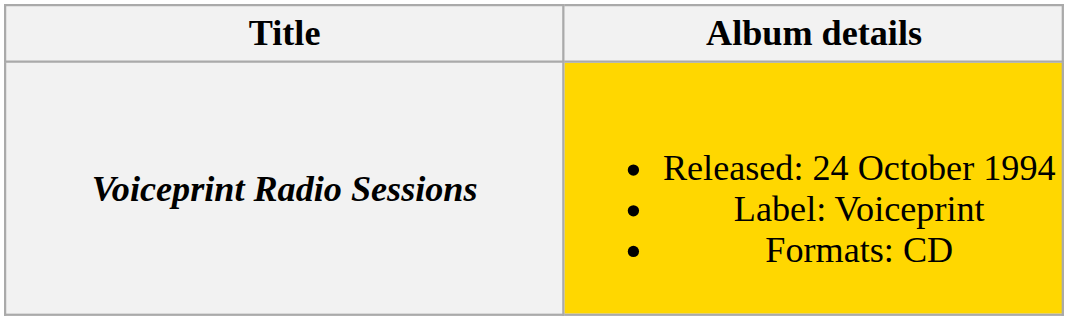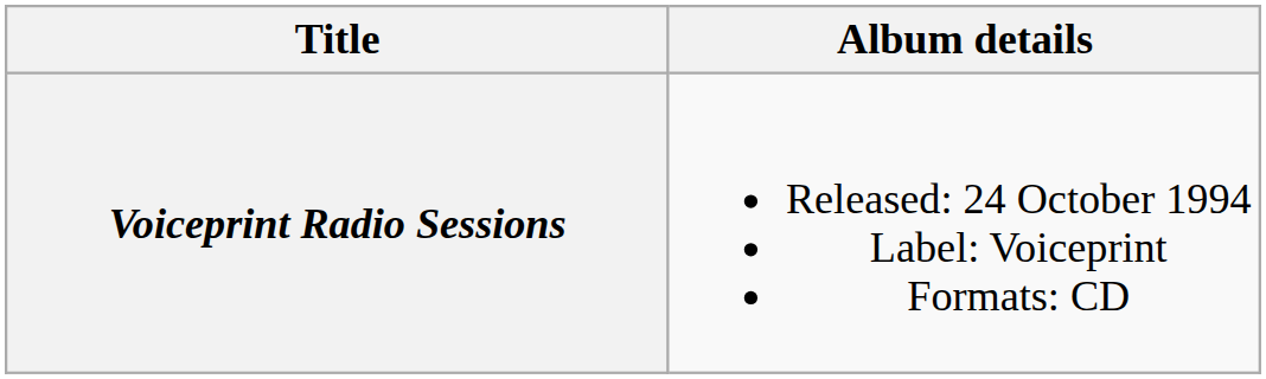 <table class="wikitable plainrowheaders" style="text-align:center;">
 <tr>
 <th scope="col" style="width:15em;">Title</th>
 <th scope="col">Album details</th>
 </tr>
 <tr>
 <th scope="row"><em>Voiceprint Radio Sessions</em></th>
-<td style="background: gold;"><br><ul><li>Released: 24 October 1994</li><li>Label: Voiceprint</li><li>Formats: CD</li></ul></td>
+<td><br><ul><li>Released: 24 October 1994</li><li>Label: Voiceprint</li><li>Formats: CD</li></ul></td>
 </tr>
 </table>
